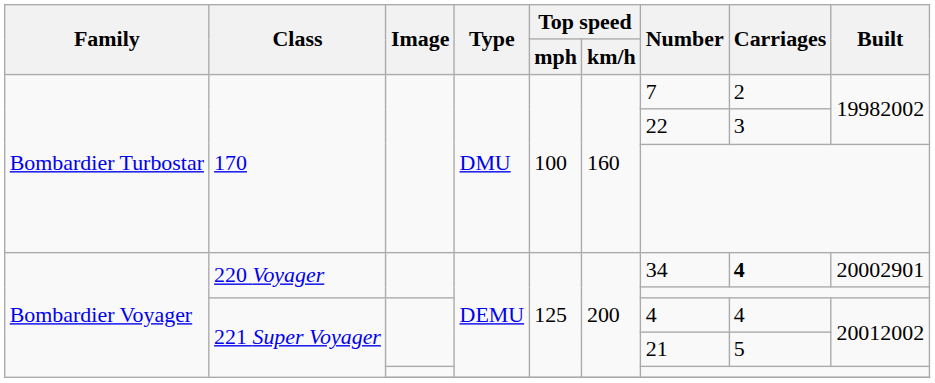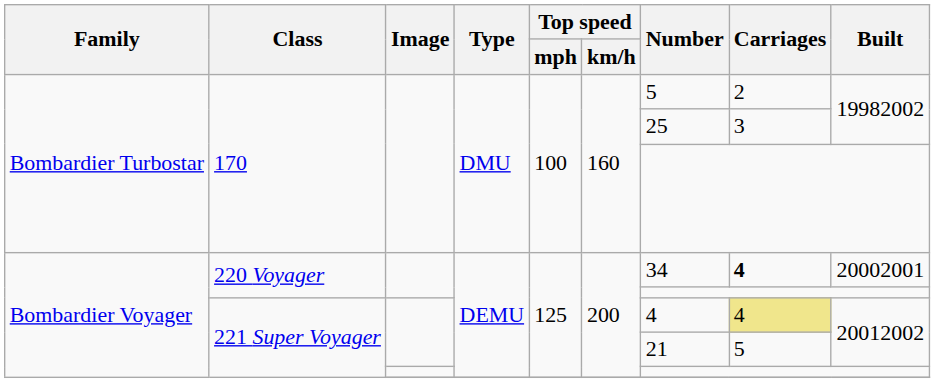 <table class="wikitable">
 <tr style="background:#f9f9f9;">
 <th rowspan="2">Family</th>
 <th rowspan="2">Class</th>
 <th rowspan="2">Image</th>
 <th rowspan="2">Type</th>
 <th colspan="2">Top speed</th>
 <th rowspan="2">Number</th>
 <th rowspan="2">Carriages</th>
 <th rowspan="2">Built</th>
 </tr>
 <tr style="background:#f9f9f9;">
 <th>mph</th>
 <th>km/h</th>
 </tr>
 <tr>
 <td rowspan="3"><a href='#'>Bombardier Turbostar</a></td>
 <td rowspan="3"><a href='#'>170</a></td>
 <td rowspan="3"> <br><br> </td>
 <td rowspan="3"><a href='#'>DMU</a></td>
 <td rowspan="3">100</td>
 <td rowspan="3">160</td>
-<td>7</td>
+<td>5</td>
 <td>2</td>
 <td rowspan="2">19982002</td>
 </tr>
 <tr>
-<td>22</td>
+<td>25</td>
 <td>3</td>
 </tr>
 <tr>
 <td colspan="3"><br>  <br><br> <br></td>
 </tr>
 <tr>
 <td rowspan="6"><a href='#'>Bombardier Voyager</a></td>
 <td rowspan="2"><a href='#'>220 <em>Voyager</em></a></td>
 <td rowspan="2"></td>
 <td rowspan="5"><a href='#'>DEMU</a></td>
 <td rowspan="5">125</td>
 <td rowspan="5">200</td>
 <td>34</td>
 <td><strong>4</strong></td>
-<td>20002901</td>
+<td>20002001</td>
 </tr>
 <tr>
 <td colspan="3"></td>
 </tr>
 <tr>
 <td rowspan="4"><a href='#'>221 <em>Super Voyager</em></a></td>
 <td rowspan="2"></td>
 <td>4</td>
-<td>4</td>
+<td style="background: khaki;">4</td>
 <td rowspan="2">20012002</td>
 </tr>
 <tr>
 <td>21</td>
 <td>5</td>
 </tr>
 <tr>
 <td></td>
 <td colspan="3"></td>
 </tr>
 <tr>
 </tr>
 </table>
